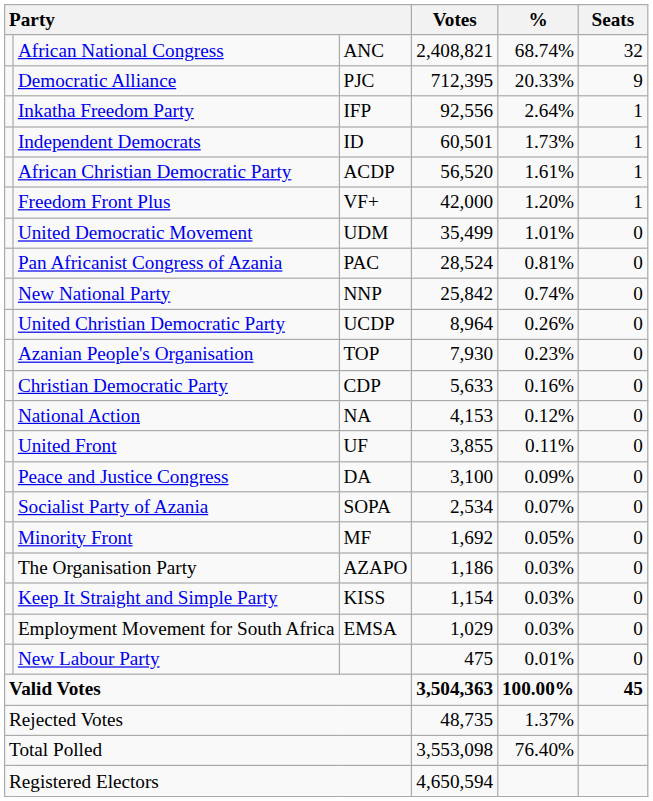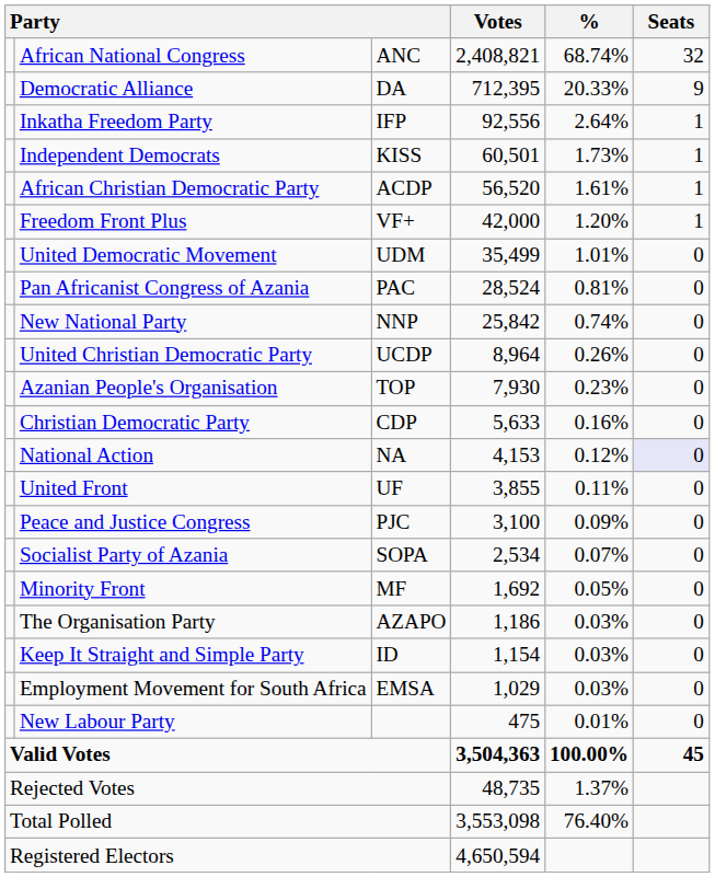 <table class="wikitable" border="1" style="text-align:right;">
 <tr>
 <th style="text-align:left;" colspan=3>Party</th>
 <th align=center width="50">Votes</th>
 <th align=center width="50">%</th>
 <th align=center width="50">Seats</th>
 </tr>
 <tr>
 <td style="background:"></td>
 <td align=left><a href='#'>African National Congress</a></td>
 <td align=left>ANC</td>
 <td>2,408,821</td>
 <td>68.74%</td>
 <td>32</td>
 </tr>
 <tr>
 <td style="background:"></td>
 <td align=left><a href='#'>Democratic Alliance</a></td>
-<td align=left>PJC</td>
+<td align=left>DA</td>
 <td>712,395</td>
 <td>20.33%</td>
 <td>9</td>
 </tr>
 <tr>
 <td style="background:"></td>
 <td align=left><a href='#'>Inkatha Freedom Party</a></td>
 <td align=left>IFP</td>
 <td>92,556</td>
 <td>2.64%</td>
 <td>1</td>
 </tr>
 <tr>
 <td style="background:"></td>
 <td align=left><a href='#'>Independent Democrats</a></td>
-<td align=left>ID</td>
+<td align=left>KISS</td>
 <td>60,501</td>
 <td>1.73%</td>
 <td>1</td>
 </tr>
 <tr>
 <td style="background:"></td>
 <td align=left><a href='#'>African Christian Democratic Party</a></td>
 <td align=left>ACDP</td>
 <td>56,520</td>
 <td>1.61%</td>
 <td>1</td>
 </tr>
 <tr>
 <td style="background:"></td>
 <td align=left><a href='#'>Freedom Front Plus</a></td>
 <td align=left>VF+</td>
 <td>42,000</td>
 <td>1.20%</td>
 <td>1</td>
 </tr>
 <tr>
 <td style="background:"></td>
 <td align=left><a href='#'>United Democratic Movement</a></td>
 <td align=left>UDM</td>
 <td>35,499</td>
 <td>1.01%</td>
 <td>0</td>
 </tr>
 <tr>
 <td style="background:"></td>
 <td align=left><a href='#'>Pan Africanist Congress of Azania</a></td>
 <td align=left>PAC</td>
 <td>28,524</td>
 <td>0.81%</td>
 <td>0</td>
 </tr>
 <tr>
 <td style="background:"></td>
 <td align=left><a href='#'>New National Party</a></td>
 <td align=left>NNP</td>
 <td>25,842</td>
 <td>0.74%</td>
 <td>0</td>
 </tr>
 <tr>
 <td style="background:"></td>
 <td align=left><a href='#'>United Christian Democratic Party</a></td>
 <td align=left>UCDP</td>
 <td>8,964</td>
 <td>0.26%</td>
 <td>0</td>
 </tr>
 <tr>
 <td style="background:"></td>
 <td align=left><a href='#'>Azanian People's Organisation</a></td>
 <td align=left>TOP</td>
 <td>7,930</td>
 <td>0.23%</td>
 <td>0</td>
 </tr>
 <tr>
 <td style="background:"></td>
 <td align=left><a href='#'>Christian Democratic Party</a></td>
 <td align=left>CDP</td>
 <td>5,633</td>
 <td>0.16%</td>
 <td>0</td>
 </tr>
 <tr>
 <td></td>
 <td align=left><a href='#'>National Action</a></td>
 <td align=left>NA</td>
 <td>4,153</td>
 <td>0.12%</td>
-<td>0</td>
+<td style="background: lavender;">0</td>
 </tr>
 <tr>
 <td></td>
 <td align=left><a href='#'>United Front</a></td>
 <td align=left>UF</td>
 <td>3,855</td>
 <td>0.11%</td>
 <td>0</td>
 </tr>
 <tr>
 <td></td>
 <td align=left><a href='#'>Peace and Justice Congress</a></td>
-<td align=left>DA</td>
+<td align=left>PJC</td>
 <td>3,100</td>
 <td>0.09%</td>
 <td>0</td>
 </tr>
 <tr>
 <td style="background:"></td>
 <td align=left><a href='#'>Socialist Party of Azania</a></td>
 <td align=left>SOPA</td>
 <td>2,534</td>
 <td>0.07%</td>
 <td>0</td>
 </tr>
 <tr>
 <td style="background:"></td>
 <td align=left><a href='#'>Minority Front</a></td>
 <td align=left>MF</td>
 <td>1,692</td>
 <td>0.05%</td>
 <td>0</td>
 </tr>
 <tr>
 <td></td>
 <td align=left>The Organisation Party</td>
 <td align=left>AZAPO</td>
 <td>1,186</td>
 <td>0.03%</td>
 <td>0</td>
 </tr>
 <tr>
 <td style="background:"></td>
 <td align=left><a href='#'>Keep It Straight and Simple Party</a></td>
-<td align=left>KISS</td>
+<td align=left>ID</td>
 <td>1,154</td>
 <td>0.03%</td>
 <td>0</td>
 </tr>
 <tr>
 <td></td>
 <td align=left>Employment Movement for South Africa</td>
 <td align=left>EMSA</td>
 <td>1,029</td>
 <td>0.03%</td>
 <td>0</td>
 </tr>
 <tr>
 <td></td>
 <td align=left><a href='#'>New Labour Party</a></td>
 <td align=left></td>
 <td>475</td>
 <td>0.01%</td>
 <td>0</td>
 </tr>
 <tr style="font-weight:bold">
 <td align=left colspan=3>Valid Votes</td>
 <td>3,504,363</td>
 <td>100.00%</td>
 <td>45</td>
 </tr>
 <tr>
 <td align=left colspan=3>Rejected Votes</td>
 <td>48,735</td>
 <td>1.37%</td>
 <td></td>
 </tr>
 <tr>
 <td align=left colspan=3>Total Polled</td>
 <td>3,553,098</td>
 <td>76.40%</td>
 <td></td>
 </tr>
 <tr>
 <td align=left colspan=3>Registered Electors</td>
 <td>4,650,594</td>
 <td></td>
 <td></td>
 </tr>
 </table>
